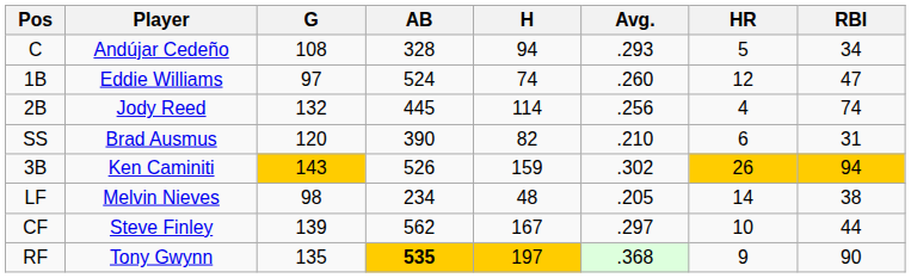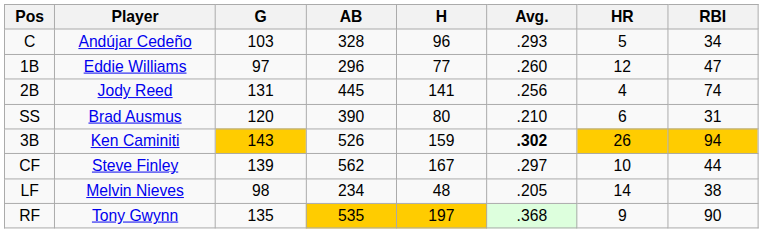 <table class="wikitable sortable">
 <tr>
 <th bgcolor="#DDDDFF" width="5%">Pos</th>
 <th bgcolor="#DDDDFF" width="16%">Player</th>
 <th bgcolor="#DDDDFF" width="9%">G</th>
 <th bgcolor="#DDDDFF" width="9%">AB</th>
 <th bgcolor="#DDDDFF" width="9%">H</th>
 <th bgcolor="#DDDDFF" width="9%">Avg.</th>
 <th bgcolor="#DDDDFF" width="9%">HR</th>
 <th bgcolor="#DDDDFF" width="9%">RBI</th>
 </tr>
 <tr align="center">
 <td>C</td>
 <td><a href='#'>Andújar Cedeño</a></td>
-<td>108</td>
+<td>103</td>
 <td>328</td>
-<td>94</td>
+<td>96</td>
 <td>.293</td>
 <td>5</td>
 <td>34</td>
 </tr>
 <tr align=center>
 <td>1B</td>
 <td><a href='#'>Eddie Williams</a></td>
 <td>97</td>
-<td>524</td>
-<td>74</td>
+<td>296</td>
+<td>77</td>
 <td>.260</td>
 <td>12</td>
 <td>47</td>
 </tr>
 <tr align=center>
 <td>2B</td>
 <td><a href='#'>Jody Reed</a></td>
-<td>132</td>
+<td>131</td>
 <td>445</td>
-<td>114</td>
+<td>141</td>
 <td>.256</td>
 <td>4</td>
 <td>74</td>
 </tr>
 <tr align=center>
 <td>SS</td>
 <td><a href='#'>Brad Ausmus</a></td>
 <td>120</td>
 <td>390</td>
-<td>82</td>
+<td>80</td>
 <td>.210</td>
 <td>6</td>
 <td>31</td>
 </tr>
 <tr align=center>
 <td>3B</td>
 <td><a href='#'>Ken Caminiti</a></td>
 <td style="background:#fc0;">143</td>
 <td>526</td>
 <td>159</td>
-<td>.302</td>
+<td><strong>.302</strong></td>
 <td style="background:#fc0;">26</td>
 <td style="background:#fc0;">94</td>
+</tr>
+<tr align=center>
+<td>CF</td>
+<td><a href='#'>Steve Finley</a></td>
+<td>139</td>
+<td>562</td>
+<td>167</td>
+<td>.297</td>
+<td>10</td>
+<td>44</td>
 </tr>
 <tr align=center>
 <td>LF</td>
 <td><a href='#'>Melvin Nieves</a></td>
 <td>98</td>
 <td>234</td>
 <td>48</td>
 <td>.205</td>
 <td>14</td>
 <td>38</td>
 </tr>
 <tr align=center>
-<td>CF</td>
-<td><a href='#'>Steve Finley</a></td>
-<td>139</td>
-<td>562</td>
-<td>167</td>
-<td>.297</td>
-<td>10</td>
-<td>44</td>
-</tr>
-<tr align=center>
 <td>RF</td>
 <td><a href='#'>Tony Gwynn</a></td>
 <td>135</td>
-<td style="background:#fc0;"><strong>535</strong></td>
+<td style="background:#fc0;">535</td>
 <td style="background:#fc0;">197</td>
 <td style="background:#DDFFDD;">.368</td>
 <td>9</td>
 <td>90</td>
 </tr>
 </table>
